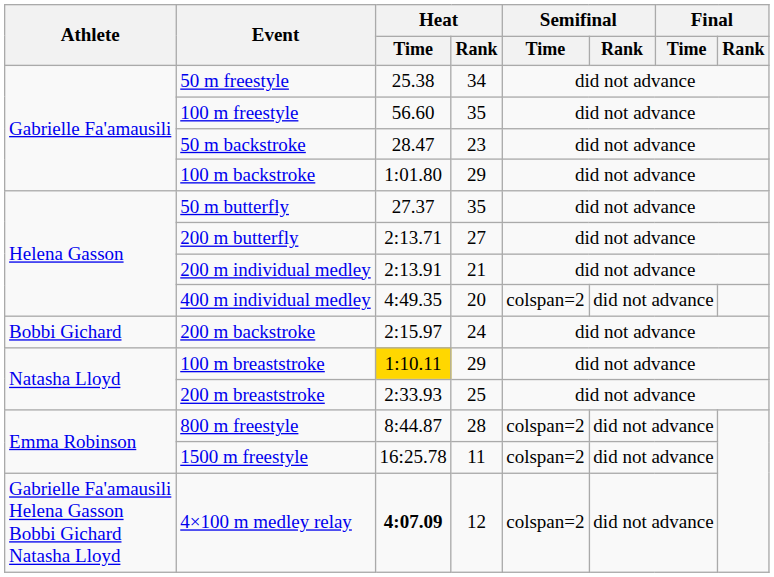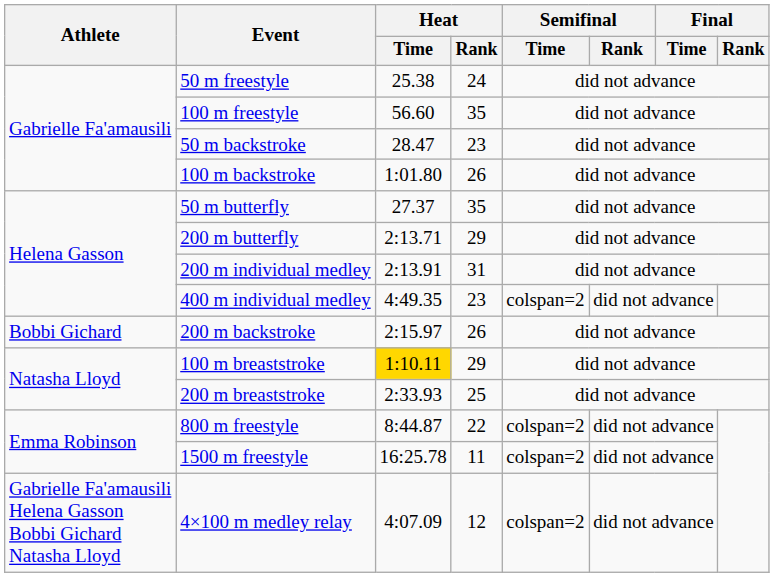 <table class=wikitable style="font-size:90%">
 <tr>
 <th rowspan="2">Athlete</th>
 <th rowspan="2">Event</th>
 <th colspan="2">Heat</th>
 <th colspan="2">Semifinal</th>
 <th colspan="2">Final</th>
 </tr>
 <tr style="font-size:95%">
 <th>Time</th>
 <th>Rank</th>
 <th>Time</th>
 <th>Rank</th>
 <th>Time</th>
 <th>Rank</th>
 </tr>
 <tr align=center>
 <td align=left rowspan=4><a href='#'>Gabrielle Fa'amausili</a></td>
 <td align=left><a href='#'>50 m freestyle</a></td>
 <td>25.38</td>
-<td>34</td>
+<td>24</td>
 <td colspan=4>did not advance</td>
 </tr>
 <tr align=center>
 <td align=left><a href='#'>100 m freestyle</a></td>
 <td>56.60</td>
 <td>35</td>
 <td colspan=4>did not advance</td>
 </tr>
 <tr align=center>
 <td align=left><a href='#'>50 m backstroke</a></td>
 <td>28.47</td>
 <td>23</td>
 <td colspan=4>did not advance</td>
 </tr>
 <tr align=center>
 <td align=left><a href='#'>100 m backstroke</a></td>
 <td>1:01.80</td>
-<td>29</td>
+<td>26</td>
 <td colspan=4>did not advance</td>
 </tr>
 <tr align=center>
 <td align=left rowspan=4><a href='#'>Helena Gasson</a></td>
 <td align=left><a href='#'>50 m butterfly</a></td>
 <td>27.37</td>
 <td>35</td>
 <td colspan=4>did not advance</td>
 </tr>
 <tr align=center>
 <td align=left><a href='#'>200 m butterfly</a></td>
 <td>2:13.71</td>
-<td>27</td>
+<td>29</td>
 <td colspan=4>did not advance</td>
 </tr>
 <tr align=center>
 <td align=left><a href='#'>200 m individual medley</a></td>
 <td>2:13.91</td>
-<td>21</td>
+<td>31</td>
 <td colspan=4>did not advance</td>
 </tr>
 <tr align=center>
 <td align=left><a href='#'>400 m individual medley</a></td>
 <td>4:49.35</td>
-<td>20</td>
+<td>23</td>
 <td>colspan=2 </td>
 <td colspan=2>did not advance</td>
 </tr>
 <tr align=center>
 <td align=left><a href='#'>Bobbi Gichard</a></td>
 <td align=left><a href='#'>200 m backstroke</a></td>
 <td>2:15.97</td>
-<td>24</td>
+<td>26</td>
 <td colspan=4>did not advance</td>
 </tr>
 <tr align=center>
 <td align=left rowspan=2><a href='#'>Natasha Lloyd</a></td>
 <td align=left><a href='#'>100 m breaststroke</a></td>
 <td style="background: gold;">1:10.11</td>
 <td>29</td>
 <td colspan=4>did not advance</td>
 </tr>
 <tr align=center>
 <td align=left><a href='#'>200 m breaststroke</a></td>
 <td>2:33.93</td>
 <td>25</td>
 <td colspan=4>did not advance</td>
 </tr>
 <tr align=center>
 <td align=left rowspan=2><a href='#'>Emma Robinson</a></td>
 <td align=left><a href='#'>800 m freestyle</a></td>
 <td>8:44.87</td>
-<td>28</td>
+<td>22</td>
 <td>colspan=2 </td>
 <td colspan=2>did not advance</td>
 </tr>
 <tr align=center>
 <td align=left><a href='#'>1500 m freestyle</a></td>
 <td>16:25.78</td>
 <td>11</td>
 <td>colspan=2 </td>
 <td colspan=2>did not advance</td>
 </tr>
 <tr align=center>
 <td align=left><a href='#'>Gabrielle Fa'amausili</a><br><a href='#'>Helena Gasson</a><br><a href='#'>Bobbi Gichard</a><br><a href='#'>Natasha Lloyd</a></td>
 <td align=left><a href='#'>4×100 m medley relay</a></td>
-<td><strong>4:07.09</strong></td>
+<td>4:07.09</td>
 <td>12</td>
 <td>colspan=2 </td>
 <td colspan=2>did not advance</td>
 </tr>
 </table>
